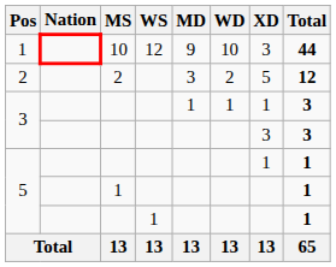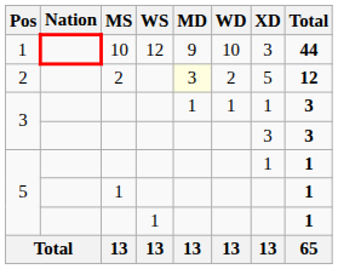 <table class="wikitable" style="text-align:center">
 <tr>
 <th>Pos</th>
 <th>Nation</th>
 <th>MS</th>
 <th>WS</th>
 <th>MD</th>
 <th>WD</th>
 <th>XD</th>
 <th>Total</th>
 </tr>
 <tr>
 <td>1</td>
 <td align="left" style="border: 3px solid red"></td>
 <td>10</td>
 <td>12</td>
 <td>9</td>
 <td>10</td>
 <td>3</td>
 <td><strong>44</strong></td>
 </tr>
 <tr>
 <td>2</td>
 <td align="left"></td>
 <td>2</td>
 <td></td>
-<td>3</td>
+<td style="background: lightyellow;">3</td>
 <td>2</td>
 <td>5</td>
 <td><strong>12</strong></td>
 </tr>
 <tr>
 <td rowspan="2">3</td>
 <td align="left"></td>
 <td></td>
 <td></td>
 <td>1</td>
 <td>1</td>
 <td>1</td>
 <td><strong>3</strong></td>
 </tr>
 <tr>
 <td align="left"></td>
 <td></td>
 <td></td>
 <td></td>
 <td></td>
 <td>3</td>
 <td><strong>3</strong></td>
 </tr>
 <tr>
 <td rowspan="3">5</td>
 <td align="left"></td>
 <td></td>
 <td></td>
 <td></td>
 <td></td>
 <td>1</td>
 <td><strong>1</strong></td>
 </tr>
 <tr>
 <td align="left"></td>
 <td>1</td>
 <td></td>
 <td></td>
 <td></td>
 <td></td>
 <td><strong>1</strong></td>
 </tr>
 <tr>
 <td align="left"></td>
 <td></td>
 <td>1</td>
 <td></td>
 <td></td>
 <td></td>
 <td><strong>1</strong></td>
 </tr>
 <tr>
 <th colspan="2">Total</th>
 <th>13</th>
 <th>13</th>
 <th>13</th>
 <th>13</th>
 <th>13</th>
 <th>65</th>
 </tr>
 </table>
